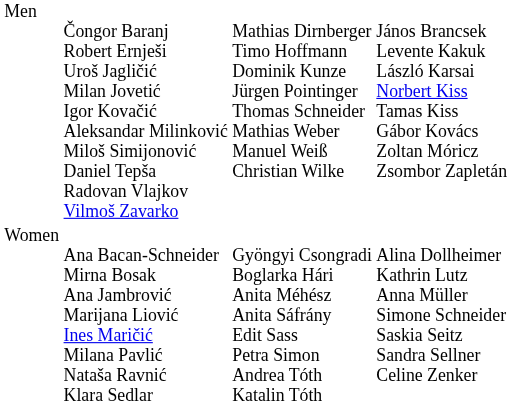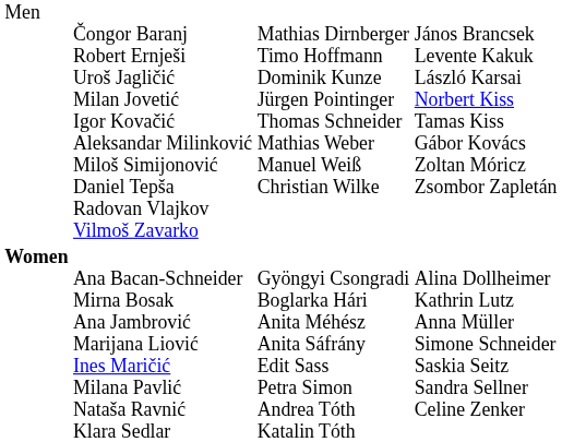 <table>
 <tr valign="top">
 <td>Men<br></td>
 <td><br>Čongor Baranj<br>Robert Ernješi<br>Uroš Jagličić<br>Milan Jovetić<br>Igor Kovačić<br>Aleksandar Milinković<br>Miloš Simijonović<br>Daniel Tepša<br>Radovan Vlajkov<br><a href='#'>Vilmoš Zavarko</a></td>
 <td><br>Mathias Dirnberger<br>Timo Hoffmann<br>Dominik Kunze<br>Jürgen Pointinger<br>Thomas Schneider<br>Mathias Weber<br>Manuel Weiß<br>Christian Wilke</td>
 <td><br>János Brancsek<br>Levente Kakuk<br>László Karsai<br><a href='#'>Norbert Kiss</a><br>Tamas Kiss<br>Gábor Kovács<br>Zoltan Móricz<br>Zsombor Zapletán</td>
 </tr>
 <tr valign="top">
-<td>Women<br></td>
+<td><strong>Women<br></strong></td>
 <td><br>Ana Bacan-Schneider<br>Mirna Bosak<br>Ana Jambrović<br>Marijana Liović<br><a href='#'>Ines Maričić</a><br>Milana Pavlić<br>Nataša Ravnić<br>Klara Sedlar</td>
 <td><br>Gyöngyi Csongradi<br>Boglarka Hári<br>Anita Méhész<br>Anita Sáfrány<br>Edit Sass<br>Petra Simon<br>Andrea Tóth<br>Katalin Tóth</td>
 <td><br>Alina Dollheimer<br>Kathrin Lutz<br>Anna Müller<br>Simone Schneider<br>Saskia Seitz<br>Sandra Sellner<br>Celine Zenker</td>
 </tr>
 </table>
